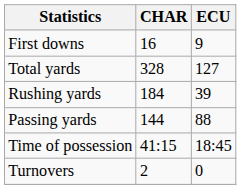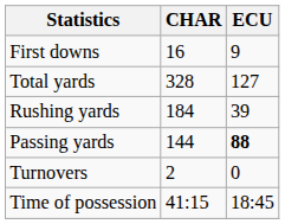 <table class="wikitable" style="float: left;">
 <tr>
 <th>Statistics</th>
 <th>CHAR</th>
 <th>ECU</th>
 </tr>
 <tr>
 <td>First downs</td>
 <td>16</td>
 <td>9</td>
 </tr>
 <tr>
 <td>Total yards</td>
 <td>328</td>
 <td>127</td>
 </tr>
 <tr>
 <td>Rushing yards</td>
 <td>184</td>
 <td>39</td>
 </tr>
 <tr>
 <td>Passing yards</td>
 <td>144</td>
-<td>88</td>
+<td><strong>88</strong></td>
+</tr>
+<tr>
+<td>Turnovers</td>
+<td>2</td>
+<td>0</td>
 </tr>
 <tr>
 <td>Time of possession</td>
 <td>41:15</td>
 <td>18:45</td>
 </tr>
 <tr>
-<td>Turnovers</td>
-<td>2</td>
-<td>0</td>
-</tr>
-<tr>
 </tr>
 </table>
